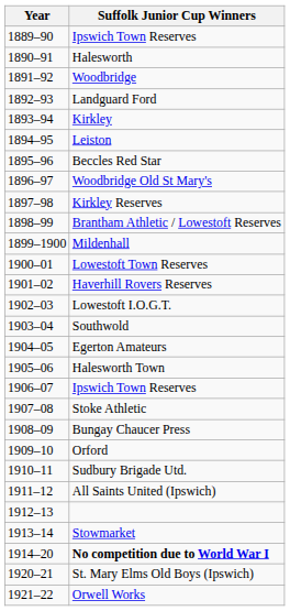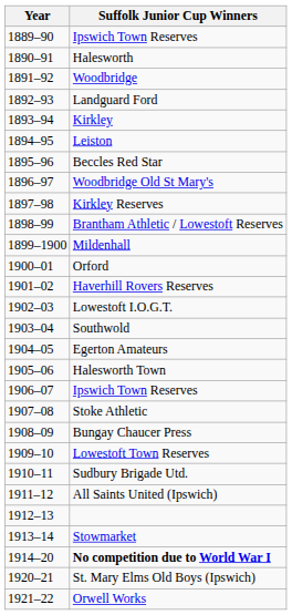 <table class="wikitable" style="float:left; margin-right:1em">
 <tr>
 <th>Year</th>
 <th>Suffolk Junior Cup Winners</th>
 </tr>
 <tr>
 <td>1889–90</td>
 <td><a href='#'>Ipswich Town</a> Reserves</td>
 </tr>
 <tr>
 <td>1890–91</td>
 <td>Halesworth</td>
 </tr>
 <tr>
 <td>1891–92</td>
 <td><a href='#'>Woodbridge</a></td>
 </tr>
 <tr>
 <td>1892–93</td>
 <td>Landguard Ford</td>
 </tr>
 <tr>
 <td>1893–94</td>
 <td><a href='#'>Kirkley</a></td>
 </tr>
 <tr>
 <td>1894–95</td>
 <td><a href='#'>Leiston</a></td>
 </tr>
 <tr>
 <td>1895–96</td>
 <td>Beccles Red Star</td>
 </tr>
 <tr>
 <td>1896–97</td>
 <td><a href='#'>Woodbridge Old St Mary's</a></td>
 </tr>
 <tr>
 <td>1897–98</td>
 <td><a href='#'>Kirkley</a> Reserves</td>
 </tr>
 <tr>
 <td>1898–99</td>
 <td><a href='#'>Brantham Athletic</a> / <a href='#'>Lowestoft</a> Reserves</td>
 </tr>
 <tr>
 <td>1899–1900</td>
 <td><a href='#'>Mildenhall</a></td>
 </tr>
 <tr>
 <td>1900–01</td>
-<td><a href='#'>Lowestoft Town</a> Reserves</td>
+<td>Orford</td>
 </tr>
 <tr>
 <td>1901–02</td>
 <td><a href='#'>Haverhill Rovers</a> Reserves</td>
 </tr>
 <tr>
 <td>1902–03</td>
 <td>Lowestoft I.O.G.T.</td>
 </tr>
 <tr>
 <td>1903–04</td>
 <td>Southwold</td>
 </tr>
 <tr>
 <td>1904–05</td>
 <td>Egerton Amateurs</td>
 </tr>
 <tr>
 <td>1905–06</td>
 <td>Halesworth Town</td>
 </tr>
 <tr>
 <td>1906–07</td>
 <td><a href='#'>Ipswich Town</a> Reserves</td>
 </tr>
 <tr>
 <td>1907–08</td>
 <td>Stoke Athletic</td>
 </tr>
 <tr>
 <td>1908–09</td>
 <td>Bungay Chaucer Press</td>
 </tr>
 <tr>
 <td>1909–10</td>
-<td>Orford</td>
+<td><a href='#'>Lowestoft Town</a> Reserves</td>
 </tr>
 <tr>
 <td>1910–11</td>
 <td>Sudbury Brigade Utd.</td>
 </tr>
 <tr>
 <td>1911–12</td>
 <td>All Saints United (Ipswich)</td>
 </tr>
 <tr>
 <td>1912–13</td>
 <td></td>
 </tr>
 <tr>
 <td>1913–14</td>
 <td><a href='#'>Stowmarket</a></td>
 </tr>
 <tr>
 <td>1914–20</td>
 <td><strong>No competition due to <a href='#'>World War I</a></strong></td>
 </tr>
 <tr>
 <td>1920–21</td>
 <td>St. Mary Elms Old Boys (Ipswich)</td>
 </tr>
 <tr>
 <td>1921–22</td>
 <td><a href='#'>Orwell Works</a></td>
 </tr>
 </table>
